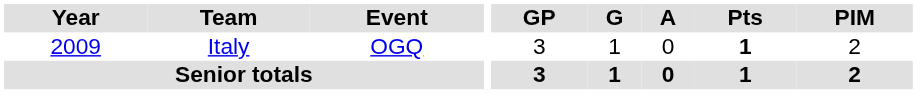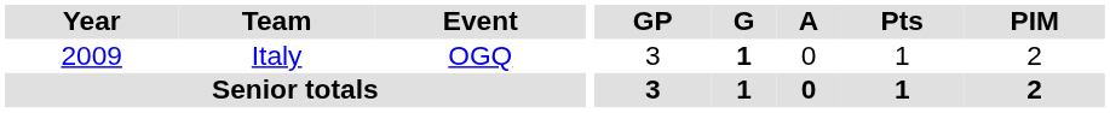 <table border="0" cellpadding="1" cellspacing="0" ID="Table3" style="text-align:center; width:40em">
 <tr ALIGN="center" bgcolor="#e0e0e0">
 <th>Year</th>
 <th>Team</th>
 <th>Event</th>
 <th rowspan="99" bgcolor="#ffffff"></th>
 <th>GP</th>
 <th>G</th>
 <th>A</th>
 <th>Pts</th>
 <th>PIM</th>
 </tr>
 <tr>
 <td><a href='#'>2009</a></td>
 <td><a href='#'>Italy</a></td>
 <td><a href='#'>OGQ</a></td>
 <td>3</td>
+<td><strong>1</strong></td>
+<td>0</td>
 <td>1</td>
-<td>0</td>
-<td><strong>1</strong></td>
 <td>2</td>
 </tr>
 <tr bgcolor="#e0e0e0">
 <th colspan="3">Senior totals</th>
 <th>3</th>
 <th>1</th>
 <th>0</th>
 <th>1</th>
 <th>2</th>
 </tr>
 </table>
